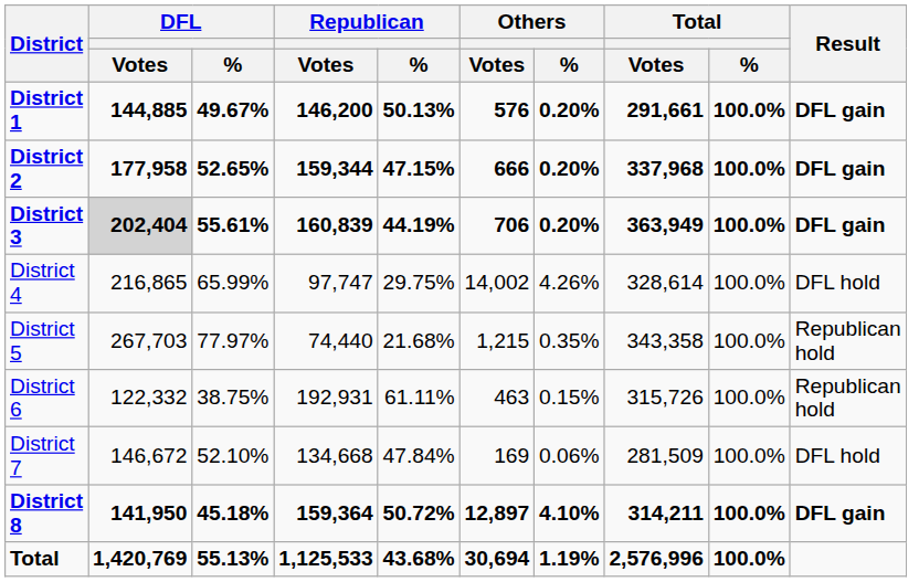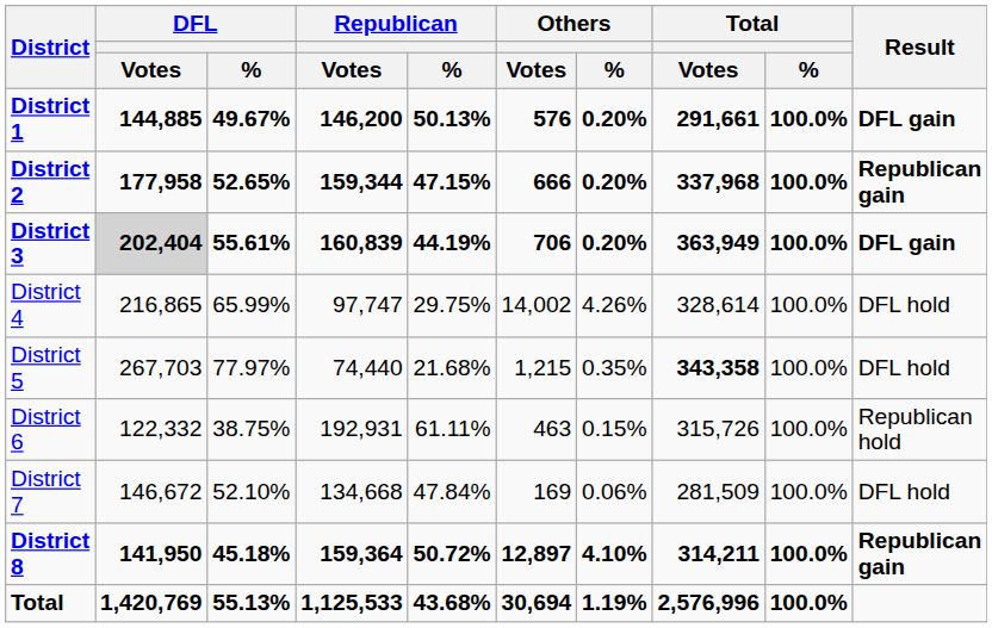 <table class="wikitable plainrowheaders sortable" style="font-size:100%; text-align:right;">
 <tr>
 <th scope=col rowspan=3><a href='#'>District</a></th>
 <th scope=col colspan=2><a href='#'>DFL</a></th>
 <th scope=col colspan=2><a href='#'>Republican</a></th>
 <th scope=col colspan=2>Others</th>
 <th scope=col colspan=2>Total</th>
 <th scope=col rowspan=3>Result</th>
 </tr>
 <tr>
 <th scope=col colspan=2 style="background:"></th>
 <th scope=col colspan=2 style="background:"></th>
 <th scope=col colspan=2></th>
 <th scope=col colspan=2></th>
 </tr>
 <tr>
 <th scope=col data-sort-type="number">Votes</th>
 <th scope=col data-sort-type="number">%</th>
 <th scope=col data-sort-type="number">Votes</th>
 <th scope=col data-sort-type="number">%</th>
 <th scope=col data-sort-type="number">Votes</th>
 <th scope=col data-sort-type="number">%</th>
 <th scope=col data-sort-type="number">Votes</th>
 <th scope=col data-sort-type="number">%</th>
 </tr>
 <tr>
 <td align=left><strong><a href='#'>District 1</a></strong></td>
 <td><strong>144,885</strong></td>
 <td><strong>49.67%</strong></td>
 <td><strong>146,200</strong></td>
 <td><strong>50.13%</strong></td>
 <td><strong>576</strong></td>
 <td><strong>0.20%</strong></td>
 <td><strong>291,661</strong></td>
 <td><strong>100.0%</strong></td>
 <td align=left><strong>DFL gain</strong></td>
 </tr>
 <tr>
 <td align=left><strong><a href='#'>District 2</a></strong></td>
 <td><strong>177,958</strong></td>
 <td><strong>52.65%</strong></td>
 <td><strong>159,344</strong></td>
 <td><strong>47.15%</strong></td>
 <td><strong>666</strong></td>
 <td><strong>0.20%</strong></td>
 <td><strong>337,968</strong></td>
 <td><strong>100.0%</strong></td>
-<td align=left><strong>DFL gain</strong></td>
+<td align=left><strong>Republican gain</strong></td>
 </tr>
 <tr>
 <td align=left><strong><a href='#'>District 3</a></strong></td>
 <td style="background: lightgrey;"><strong>202,404</strong></td>
 <td><strong>55.61%</strong></td>
 <td><strong>160,839</strong></td>
 <td><strong>44.19%</strong></td>
 <td><strong>706</strong></td>
 <td><strong>0.20%</strong></td>
 <td><strong>363,949</strong></td>
 <td><strong>100.0%</strong></td>
 <td align=left><strong>DFL gain</strong></td>
 </tr>
 <tr>
 <td align=left><a href='#'>District 4</a></td>
 <td>216,865</td>
 <td>65.99%</td>
 <td>97,747</td>
 <td>29.75%</td>
 <td>14,002</td>
 <td>4.26%</td>
 <td>328,614</td>
 <td>100.0%</td>
 <td align=left>DFL hold</td>
 </tr>
 <tr>
 <td align=left><a href='#'>District 5</a></td>
 <td>267,703</td>
 <td>77.97%</td>
 <td>74,440</td>
 <td>21.68%</td>
 <td>1,215</td>
 <td>0.35%</td>
-<td>343,358</td>
+<td><strong>343,358</strong></td>
 <td>100.0%</td>
-<td align=left>Republican hold</td>
+<td align=left>DFL hold</td>
 </tr>
 <tr>
 <td align=left><a href='#'>District 6</a></td>
 <td>122,332</td>
 <td>38.75%</td>
 <td>192,931</td>
 <td>61.11%</td>
 <td>463</td>
 <td>0.15%</td>
 <td>315,726</td>
 <td>100.0%</td>
 <td align=left>Republican hold</td>
 </tr>
 <tr>
 <td align=left><a href='#'>District 7</a></td>
 <td>146,672</td>
 <td>52.10%</td>
 <td>134,668</td>
 <td>47.84%</td>
 <td>169</td>
 <td>0.06%</td>
 <td>281,509</td>
 <td>100.0%</td>
 <td align=left>DFL hold</td>
 </tr>
 <tr>
 <td align=left><strong><a href='#'>District 8</a></strong></td>
 <td><strong>141,950</strong></td>
 <td><strong>45.18%</strong></td>
 <td><strong>159,364</strong></td>
 <td><strong>50.72%</strong></td>
 <td><strong>12,897</strong></td>
 <td><strong>4.10%</strong></td>
 <td><strong>314,211</strong></td>
 <td><strong>100.0%</strong></td>
-<td align=left><strong>DFL gain</strong></td>
+<td align=left><strong>Republican gain</strong></td>
 </tr>
 <tr class="sortbottom" style="font-weight:bold">
 <td align=left>Total</td>
 <td>1,420,769</td>
 <td>55.13%</td>
 <td>1,125,533</td>
 <td>43.68%</td>
 <td>30,694</td>
 <td>1.19%</td>
 <td>2,576,996</td>
 <td>100.0%</td>
 <td></td>
 </tr>
 </table>
